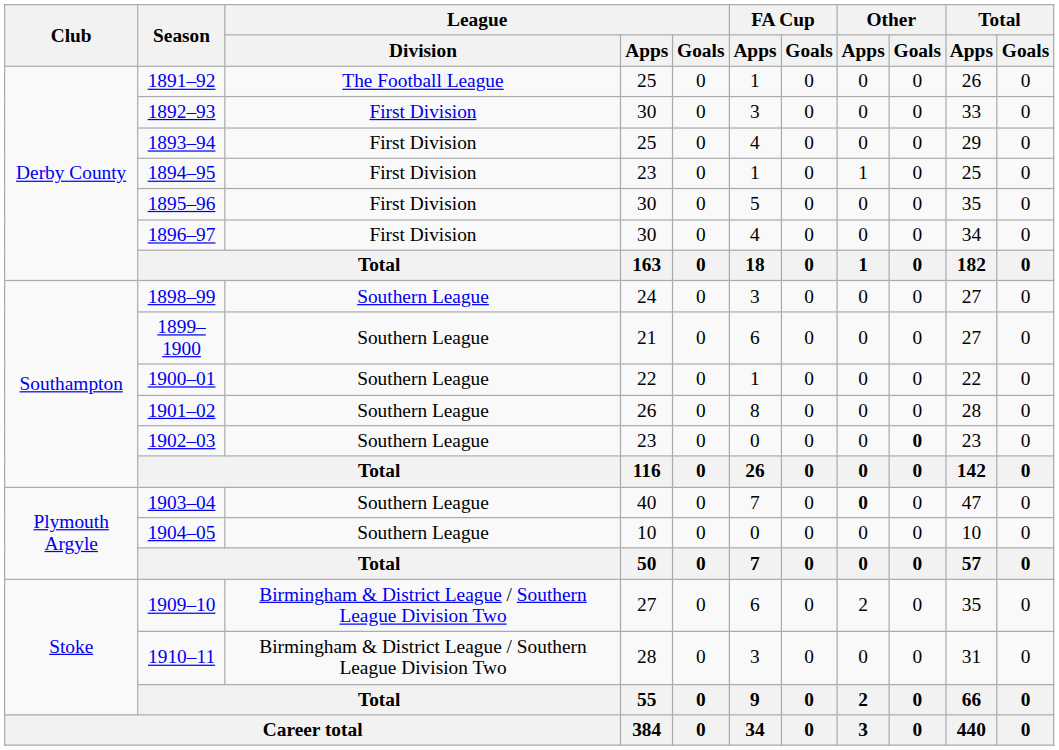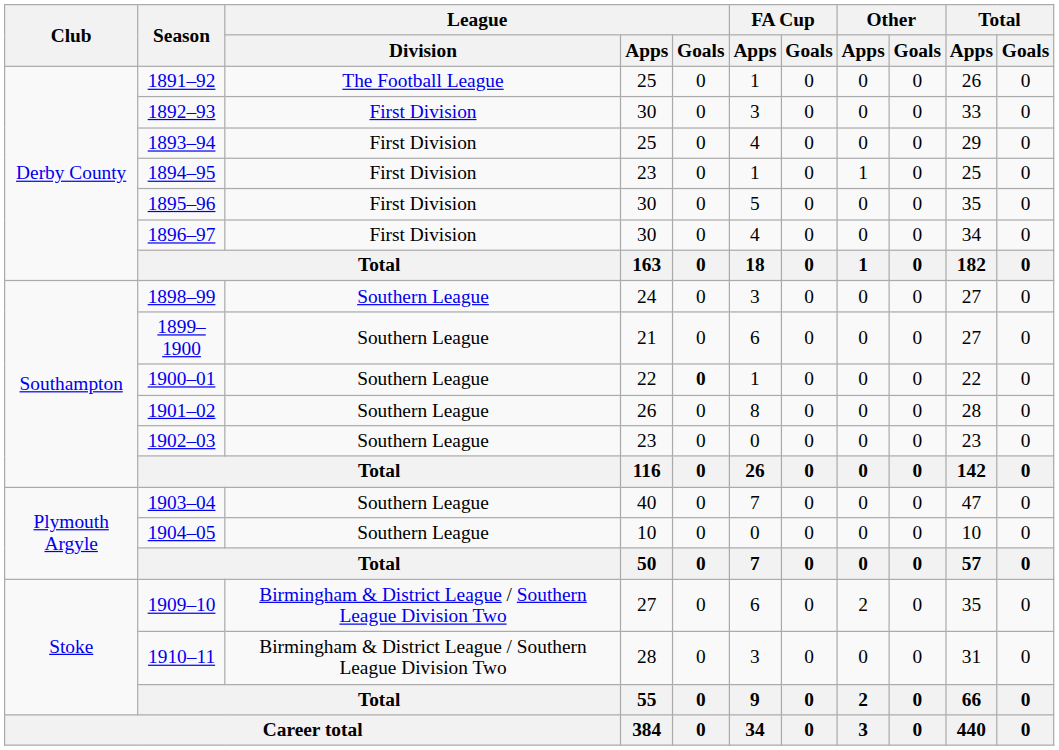 <table class="wikitable" style="text-align: center;">
 <tr>
 <th rowspan=2>Club</th>
 <th rowspan=2>Season</th>
 <th colspan=3>League</th>
 <th colspan=2>FA Cup</th>
 <th colspan=2>Other</th>
 <th colspan=2>Total</th>
 </tr>
 <tr>
 <th>Division</th>
 <th>Apps</th>
 <th>Goals</th>
 <th>Apps</th>
 <th>Goals</th>
 <th>Apps</th>
 <th>Goals</th>
 <th>Apps</th>
 <th>Goals</th>
 </tr>
 <tr>
 <td rowspan=7><a href='#'>Derby County</a></td>
 <td><a href='#'>1891–92</a></td>
 <td><a href='#'>The Football League</a></td>
 <td>25</td>
 <td>0</td>
 <td>1</td>
 <td>0</td>
 <td>0</td>
 <td>0</td>
 <td>26</td>
 <td>0</td>
 </tr>
 <tr>
 <td><a href='#'>1892–93</a></td>
 <td><a href='#'>First Division</a></td>
 <td>30</td>
 <td>0</td>
 <td>3</td>
 <td>0</td>
 <td>0</td>
 <td>0</td>
 <td>33</td>
 <td>0</td>
 </tr>
 <tr>
 <td><a href='#'>1893–94</a></td>
 <td>First Division</td>
 <td>25</td>
 <td>0</td>
 <td>4</td>
 <td>0</td>
 <td>0</td>
 <td>0</td>
 <td>29</td>
 <td>0</td>
 </tr>
 <tr>
 <td><a href='#'>1894–95</a></td>
 <td>First Division</td>
 <td>23</td>
 <td>0</td>
 <td>1</td>
 <td>0</td>
 <td>1</td>
 <td>0</td>
 <td>25</td>
 <td>0</td>
 </tr>
 <tr>
 <td><a href='#'>1895–96</a></td>
 <td>First Division</td>
 <td>30</td>
 <td>0</td>
 <td>5</td>
 <td>0</td>
 <td>0</td>
 <td>0</td>
 <td>35</td>
 <td>0</td>
 </tr>
 <tr>
 <td><a href='#'>1896–97</a></td>
 <td>First Division</td>
 <td>30</td>
 <td>0</td>
 <td>4</td>
 <td>0</td>
 <td>0</td>
 <td>0</td>
 <td>34</td>
 <td>0</td>
 </tr>
 <tr>
 <th colspan=2>Total</th>
 <th>163</th>
 <th>0</th>
 <th>18</th>
 <th>0</th>
 <th>1</th>
 <th>0</th>
 <th>182</th>
 <th>0</th>
 </tr>
 <tr>
 <td rowspan=6><a href='#'>Southampton</a></td>
 <td><a href='#'>1898–99</a></td>
 <td><a href='#'>Southern League</a></td>
 <td>24</td>
 <td>0</td>
 <td>3</td>
 <td>0</td>
 <td>0</td>
 <td>0</td>
 <td>27</td>
 <td>0</td>
 </tr>
 <tr>
 <td><a href='#'>1899–1900</a></td>
 <td>Southern League</td>
 <td>21</td>
 <td>0</td>
 <td>6</td>
 <td>0</td>
 <td>0</td>
 <td>0</td>
 <td>27</td>
 <td>0</td>
 </tr>
 <tr>
 <td><a href='#'>1900–01</a></td>
 <td>Southern League</td>
 <td>22</td>
-<td>0</td>
+<td><strong>0</strong></td>
 <td>1</td>
 <td>0</td>
 <td>0</td>
 <td>0</td>
 <td>22</td>
 <td>0</td>
 </tr>
 <tr>
 <td><a href='#'>1901–02</a></td>
 <td>Southern League</td>
 <td>26</td>
 <td>0</td>
 <td>8</td>
 <td>0</td>
 <td>0</td>
 <td>0</td>
 <td>28</td>
 <td>0</td>
 </tr>
 <tr>
 <td><a href='#'>1902–03</a></td>
 <td>Southern League</td>
 <td>23</td>
 <td>0</td>
 <td>0</td>
 <td>0</td>
 <td>0</td>
-<td><strong>0</strong></td>
+<td>0</td>
 <td>23</td>
 <td>0</td>
 </tr>
 <tr>
 <th colspan=2>Total</th>
 <th>116</th>
 <th>0</th>
 <th>26</th>
 <th>0</th>
 <th>0</th>
 <th>0</th>
 <th>142</th>
 <th>0</th>
 </tr>
 <tr>
 <td rowspan=3><a href='#'>Plymouth Argyle</a></td>
 <td><a href='#'>1903–04</a></td>
 <td>Southern League</td>
 <td>40</td>
 <td>0</td>
 <td>7</td>
 <td>0</td>
-<td><strong>0</strong></td>
+<td>0</td>
 <td>0</td>
 <td>47</td>
 <td>0</td>
 </tr>
 <tr>
 <td><a href='#'>1904–05</a></td>
 <td>Southern League</td>
 <td>10</td>
 <td>0</td>
 <td>0</td>
 <td>0</td>
 <td>0</td>
 <td>0</td>
 <td>10</td>
 <td>0</td>
 </tr>
 <tr>
 <th colspan=2>Total</th>
 <th>50</th>
 <th>0</th>
 <th>7</th>
 <th>0</th>
 <th>0</th>
 <th>0</th>
 <th>57</th>
 <th>0</th>
 </tr>
 <tr>
 <td rowspan=3><a href='#'>Stoke</a></td>
 <td><a href='#'>1909–10</a></td>
 <td><a href='#'>Birmingham & District League</a> / <a href='#'>Southern League Division Two</a></td>
 <td>27</td>
 <td>0</td>
 <td>6</td>
 <td>0</td>
 <td>2</td>
 <td>0</td>
 <td>35</td>
 <td>0</td>
 </tr>
 <tr>
 <td><a href='#'>1910–11</a></td>
 <td>Birmingham & District League / Southern League Division Two</td>
 <td>28</td>
 <td>0</td>
 <td>3</td>
 <td>0</td>
 <td>0</td>
 <td>0</td>
 <td>31</td>
 <td>0</td>
 </tr>
 <tr>
 <th colspan=2>Total</th>
 <th>55</th>
 <th>0</th>
 <th>9</th>
 <th>0</th>
 <th>2</th>
 <th>0</th>
 <th>66</th>
 <th>0</th>
 </tr>
 <tr>
 <th colspan=3>Career total</th>
 <th>384</th>
 <th>0</th>
 <th>34</th>
 <th>0</th>
 <th>3</th>
 <th>0</th>
 <th>440</th>
 <th>0</th>
 </tr>
 </table>
